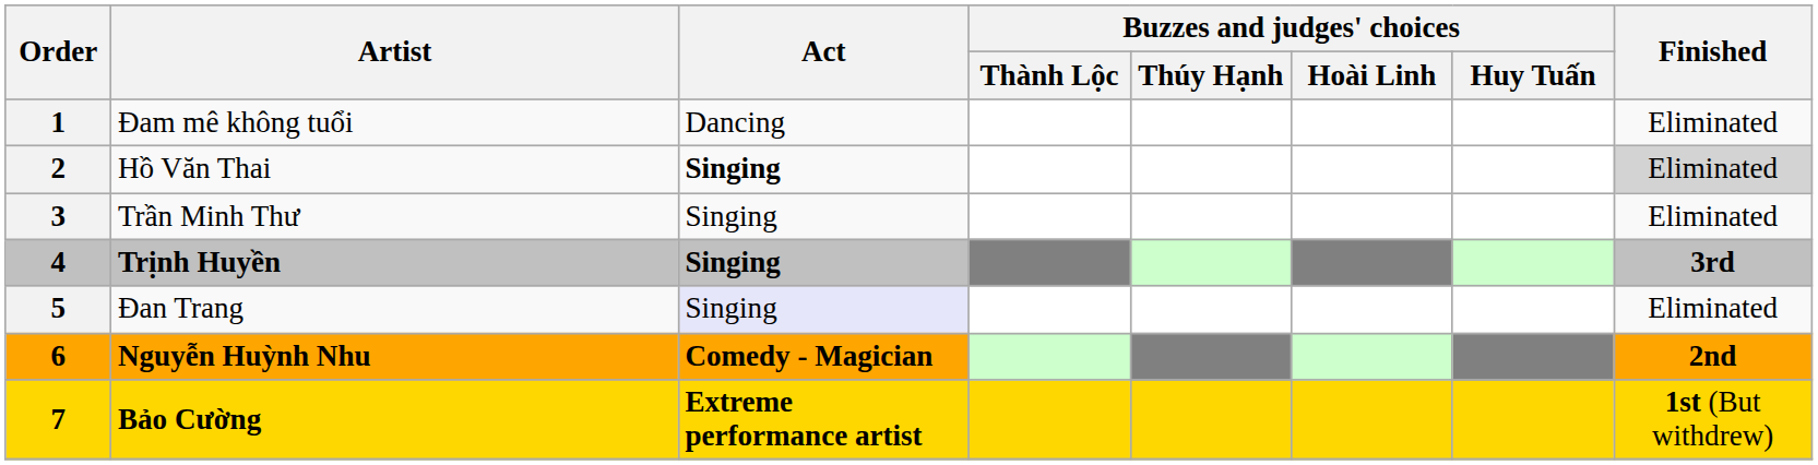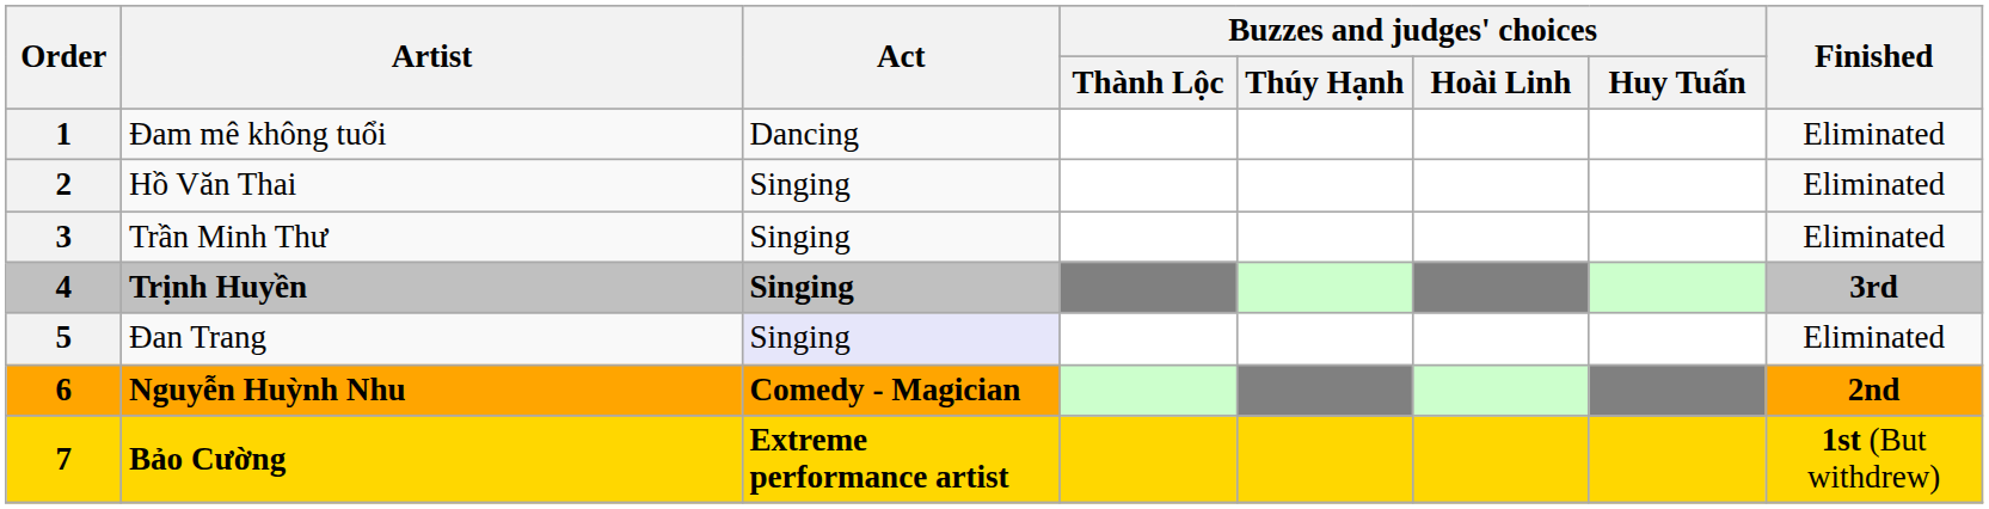 <table class=wikitable>
 <tr>
 <th rowspan=2 width=50>Order</th>
 <th rowspan=2 width=300>Artist</th>
 <th rowspan=2 width=150>Act</th>
 <th colspan=4 width=240>Buzzes and judges' choices</th>
 <th rowspan=2 width=100>Finished</th>
 </tr>
 <tr>
 <th width=80>Thành Lộc</th>
 <th width=80>Thúy Hạnh</th>
 <th width=80>Hoài Linh</th>
 <th width=80>Huy Tuấn</th>
 </tr>
 <tr>
 <th>1</th>
 <td>Đam mê không tuổi</td>
 <td>Dancing</td>
 <td align=center bgcolor=white></td>
 <td align=center bgcolor=white></td>
 <td align=center bgcolor=white></td>
 <td align=center bgcolor=white></td>
 <td align=center>Eliminated</td>
 </tr>
 <tr>
 <th>2</th>
 <td>Hồ Văn Thai</td>
-<td><strong>Singing</strong></td>
+<td>Singing</td>
 <td align=center bgcolor=white></td>
 <td align=center bgcolor=white></td>
 <td align=center bgcolor=white></td>
 <td align=center bgcolor=white></td>
-<td align=center style="background: lightgrey;">Eliminated</td>
+<td align=center>Eliminated</td>
 </tr>
 <tr>
 <th>3</th>
 <td>Trần Minh Thư</td>
 <td>Singing</td>
 <td align=center bgcolor=white></td>
 <td align=center bgcolor=white></td>
 <td align=center bgcolor=white></td>
 <td align=center bgcolor=white></td>
 <td align=center>Eliminated</td>
 </tr>
 <tr>
 <td align=center bgcolor=silver><strong>4</strong></td>
 <td bgcolor=silver><strong>Trịnh Huyền</strong></td>
 <td bgcolor=silver><strong>Singing</strong></td>
 <td align=center bgcolor="gray"></td>
 <td align=center bgcolor="#cfc"></td>
 <td align=center bgcolor=gray></td>
 <td align=center bgcolor="#cfc"></td>
 <td align=center bgcolor=silver><strong>3rd</strong></td>
 </tr>
 <tr>
 <th>5</th>
 <td>Đan Trang</td>
 <td style="background: lavender;">Singing</td>
 <td align=center bgcolor=white></td>
 <td align=center bgcolor=white></td>
 <td align=center bgcolor=white></td>
 <td align=center bgcolor=white></td>
 <td align=center>Eliminated</td>
 </tr>
 <tr>
 <td align=center bgcolor=orange><strong>6</strong></td>
 <td bgcolor=orange><strong>Nguyễn Huỳnh Nhu</strong></td>
 <td bgcolor=orange><strong>Comedy - Magician</strong></td>
 <td align=center bgcolor="#cfc"></td>
 <td align=center bgcolor="gray"></td>
 <td align=center bgcolor="#cfc"></td>
 <td align=center bgcolor=gray></td>
 <td align=center  bgcolor=orange><strong>2nd</strong></td>
 </tr>
 <tr>
 <td align=center bgcolor=gold><strong>7</strong></td>
 <td bgcolor=gold><strong>Bảo Cường</strong></td>
 <td bgcolor=gold><strong>Extreme performance artist</strong></td>
 <td align=center bgcolor=gold></td>
 <td align=center bgcolor=gold></td>
 <td align=center bgcolor=gold></td>
 <td align=center bgcolor=gold></td>
 <td align=center bgcolor=gold><strong>1st</strong> (But withdrew)</td>
 </tr>
 <tr>
 </tr>
 </table>
